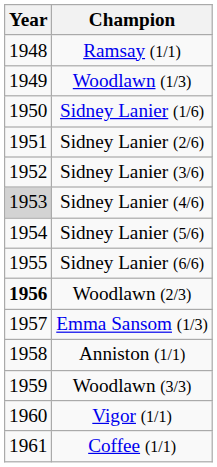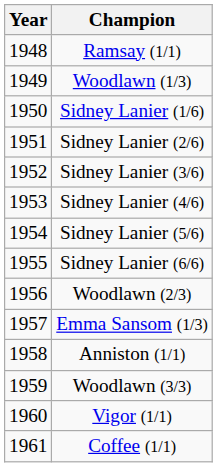 <table class="wikitable" style="text-align:center">
 <tr>
 <th>Year</th>
 <th>Champion</th>
 </tr>
 <tr>
 <td>1948</td>
 <td><a href='#'>Ramsay</a> <small>(1/1)</small></td>
 </tr>
 <tr>
 <td>1949</td>
 <td><a href='#'>Woodlawn</a> <small>(1/3)</small></td>
 </tr>
 <tr>
 <td>1950</td>
 <td><a href='#'>Sidney Lanier</a> <small>(1/6)</small></td>
 </tr>
 <tr>
 <td>1951</td>
 <td>Sidney Lanier <small>(2/6)</small></td>
 </tr>
 <tr>
 <td>1952</td>
 <td>Sidney Lanier <small>(3/6)</small></td>
 </tr>
 <tr>
-<td style="background: lightgrey;">1953</td>
+<td>1953</td>
 <td>Sidney Lanier <small>(4/6)</small></td>
 </tr>
 <tr>
 <td>1954</td>
 <td>Sidney Lanier <small>(5/6)</small></td>
 </tr>
 <tr>
 <td>1955</td>
 <td>Sidney Lanier <small>(6/6)</small></td>
 </tr>
 <tr>
-<td><strong>1956</strong></td>
+<td>1956</td>
 <td>Woodlawn <small>(2/3)</small></td>
 </tr>
 <tr>
 <td>1957</td>
 <td><a href='#'>Emma Sansom</a> <small>(1/3)</small></td>
 </tr>
 <tr>
 <td>1958</td>
 <td>Anniston <small>(1/1)</small></td>
 </tr>
 <tr>
 <td>1959</td>
 <td>Woodlawn <small>(3/3)</small></td>
 </tr>
 <tr>
 <td>1960</td>
 <td><a href='#'>Vigor</a> <small>(1/1)</small></td>
 </tr>
 <tr>
 <td>1961</td>
 <td><a href='#'>Coffee</a> <small>(1/1)</small></td>
 </tr>
 </table>
